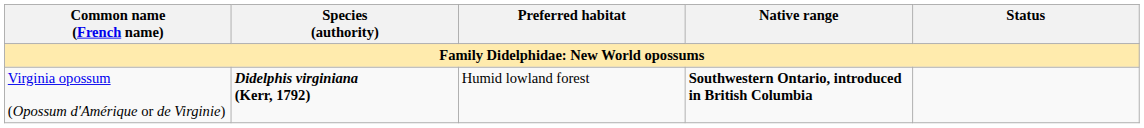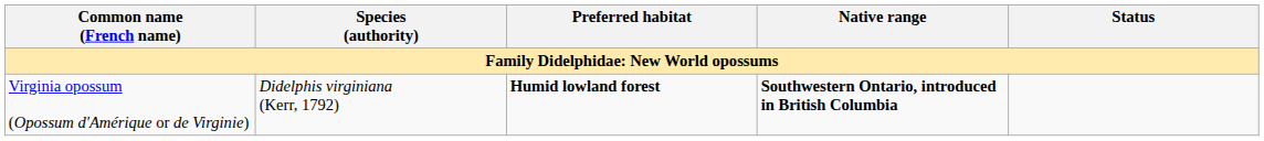 <table class="wikitable sortable sticky-header-multi" style=text-align:center" style="margin:1em auto;">
 <tr valign="top">
 <th style="width:20%;">Common name<br>(<a href='#'>French</a> name)</th>
 <th style="width:20%;">Species<br>(authority)</th>
 <th style="width:20%;">Preferred habitat</th>
 <th style="width:20%;">Native range</th>
 <th style="width:20%;">Status</th>
 </tr>
 <tr>
 <td style="text-align:center;" bgcolor="#ffebad" colspan=5><strong>Family Didelphidae: New World opossums</strong></td>
 </tr>
 <tr valign="top">
 <td><a href='#'>Virginia opossum</a><br> <br>(<em>Opossum d'Amérique</em> or <em>de Virginie</em>)</td>
-<td><strong><em>Didelphis virginiana</em><br>(Kerr, 1792)</strong></td>
-<td>Humid lowland forest</td>
+<td><em>Didelphis virginiana</em><br>(Kerr, 1792)</td>
+<td><strong>Humid lowland forest</strong></td>
 <td><strong>Southwestern Ontario, introduced in British Columbia</strong></td>
 <td></td>
 </tr>
 </table>
